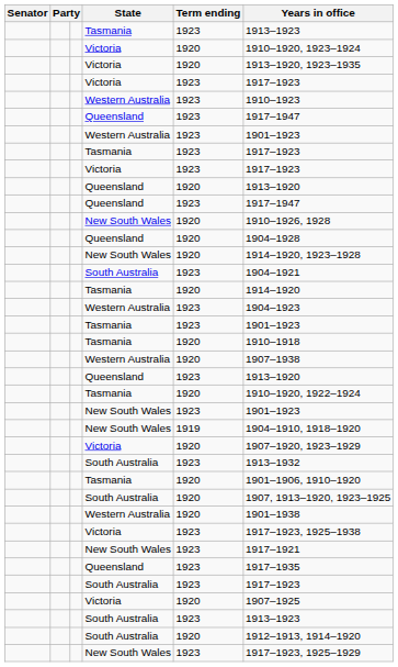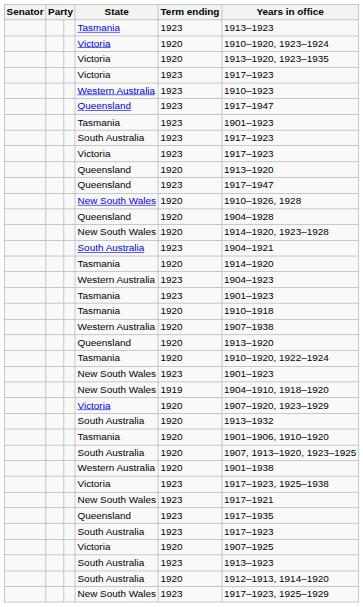 <table class="wikitable sortable">
 <tr>
 <th>Senator</th>
 <th colspan=2>Party</th>
 <th>State</th>
 <th>Term ending</th>
 <th>Years in office</th>
 </tr>
 <tr>
 <td></td>
 <td> </td>
 <td></td>
 <td><a href='#'>Tasmania</a></td>
 <td>1923</td>
 <td>1913–1923</td>
 </tr>
 <tr>
 <td></td>
 <td> </td>
 <td></td>
 <td><a href='#'>Victoria</a></td>
 <td>1920</td>
 <td>1910–1920, 1923–1924</td>
 </tr>
 <tr>
 <td></td>
 <td> </td>
 <td></td>
 <td>Victoria</td>
 <td>1920</td>
 <td>1913–1920, 1923–1935</td>
 </tr>
 <tr>
 <td></td>
 <td> </td>
 <td></td>
 <td>Victoria</td>
 <td>1923</td>
 <td>1917–1923</td>
 </tr>
 <tr>
 <td></td>
 <td> </td>
 <td></td>
 <td><a href='#'>Western Australia</a></td>
 <td>1923</td>
 <td>1910–1923</td>
 </tr>
 <tr>
 <td></td>
 <td> </td>
 <td></td>
 <td><a href='#'>Queensland</a></td>
 <td>1923</td>
 <td>1917–1947</td>
 </tr>
 <tr>
 <td></td>
 <td> </td>
 <td></td>
-<td>Western Australia</td>
+<td>Tasmania</td>
 <td>1923</td>
 <td>1901–1923</td>
 </tr>
 <tr>
 <td></td>
 <td> </td>
 <td></td>
-<td>Tasmania</td>
+<td>South Australia</td>
 <td>1923</td>
 <td>1917–1923</td>
 </tr>
 <tr>
 <td></td>
 <td> </td>
 <td></td>
 <td>Victoria</td>
 <td>1923</td>
 <td>1917–1923</td>
 </tr>
 <tr>
 <td></td>
 <td> </td>
 <td></td>
 <td>Queensland</td>
 <td>1920</td>
 <td>1913–1920</td>
 </tr>
 <tr>
 <td></td>
 <td> </td>
 <td></td>
 <td>Queensland</td>
 <td>1923</td>
 <td>1917–1947</td>
 </tr>
 <tr>
 <td></td>
 <td> </td>
 <td></td>
 <td><a href='#'>New South Wales</a></td>
 <td>1920</td>
 <td>1910–1926, 1928</td>
 </tr>
 <tr>
 <td></td>
 <td> </td>
 <td></td>
 <td>Queensland</td>
 <td>1920</td>
 <td>1904–1928</td>
 </tr>
 <tr>
 <td></td>
 <td> </td>
 <td></td>
 <td>New South Wales</td>
 <td>1920</td>
 <td>1914–1920, 1923–1928</td>
 </tr>
 <tr>
 <td></td>
 <td> </td>
 <td></td>
 <td><a href='#'>South Australia</a></td>
 <td>1923</td>
 <td>1904–1921</td>
 </tr>
 <tr>
 <td></td>
 <td> </td>
 <td></td>
 <td>Tasmania</td>
 <td>1920</td>
 <td>1914–1920</td>
 </tr>
 <tr>
 <td></td>
 <td> </td>
 <td></td>
 <td>Western Australia</td>
 <td>1923</td>
 <td>1904–1923</td>
 </tr>
 <tr>
 <td></td>
 <td> </td>
 <td></td>
 <td>Tasmania</td>
 <td>1923</td>
 <td>1901–1923</td>
 </tr>
 <tr>
 <td> </td>
 <td> </td>
 <td></td>
 <td>Tasmania</td>
 <td>1920</td>
 <td>1910–1918</td>
 </tr>
 <tr>
 <td></td>
 <td> </td>
 <td></td>
 <td>Western Australia</td>
 <td>1920</td>
 <td>1907–1938</td>
 </tr>
 <tr>
 <td></td>
 <td> </td>
 <td></td>
 <td>Queensland</td>
-<td>1923</td>
+<td>1920</td>
 <td>1913–1920</td>
 </tr>
 <tr>
 <td></td>
 <td> </td>
 <td></td>
 <td>Tasmania</td>
 <td>1920</td>
 <td>1910–1920, 1922–1924</td>
 </tr>
 <tr>
 <td></td>
 <td> </td>
 <td></td>
 <td>New South Wales</td>
 <td>1923</td>
 <td>1901–1923</td>
 </tr>
 <tr>
 <td> </td>
 <td> </td>
 <td></td>
 <td>New South Wales</td>
 <td>1919 </td>
 <td>1904–1910, 1918–1920</td>
 </tr>
 <tr>
 <td></td>
 <td> </td>
 <td></td>
 <td><a href='#'>Victoria</a></td>
 <td>1920</td>
 <td>1907–1920, 1923–1929</td>
 </tr>
 <tr>
 <td></td>
 <td> </td>
 <td></td>
 <td>South Australia</td>
-<td>1923</td>
+<td>1920</td>
 <td>1913–1932</td>
 </tr>
 <tr>
 <td></td>
 <td> </td>
 <td></td>
 <td>Tasmania</td>
 <td>1920</td>
 <td>1901–1906, 1910–1920</td>
 </tr>
 <tr>
 <td></td>
 <td> </td>
 <td></td>
 <td>South Australia</td>
 <td>1920</td>
 <td>1907, 1913–1920, 1923–1925</td>
 </tr>
 <tr>
 <td></td>
 <td> </td>
 <td></td>
 <td>Western Australia</td>
 <td>1920</td>
 <td>1901–1938</td>
 </tr>
 <tr>
 <td></td>
 <td> </td>
 <td></td>
 <td>Victoria</td>
 <td>1923</td>
 <td>1917–1923, 1925–1938</td>
 </tr>
 <tr>
 <td></td>
 <td> </td>
 <td></td>
 <td>New South Wales</td>
 <td>1923</td>
 <td>1917–1921</td>
 </tr>
 <tr>
 <td></td>
 <td> </td>
 <td></td>
 <td>Queensland</td>
 <td>1923</td>
 <td>1917–1935</td>
 </tr>
 <tr>
 <td></td>
 <td> </td>
 <td></td>
 <td>South Australia</td>
 <td>1923</td>
 <td>1917–1923</td>
 </tr>
 <tr>
 <td></td>
 <td> </td>
 <td></td>
 <td>Victoria</td>
 <td>1920</td>
 <td>1907–1925</td>
 </tr>
 <tr>
 <td></td>
 <td> </td>
 <td></td>
 <td>South Australia</td>
 <td>1923</td>
 <td>1913–1923</td>
 </tr>
 <tr>
 <td></td>
 <td> </td>
 <td></td>
 <td>South Australia</td>
 <td>1920</td>
 <td>1912–1913, 1914–1920</td>
 </tr>
 <tr>
 <td></td>
 <td> </td>
 <td></td>
 <td>New South Wales</td>
 <td>1923</td>
 <td>1917–1923, 1925–1929</td>
 </tr>
 </table>
